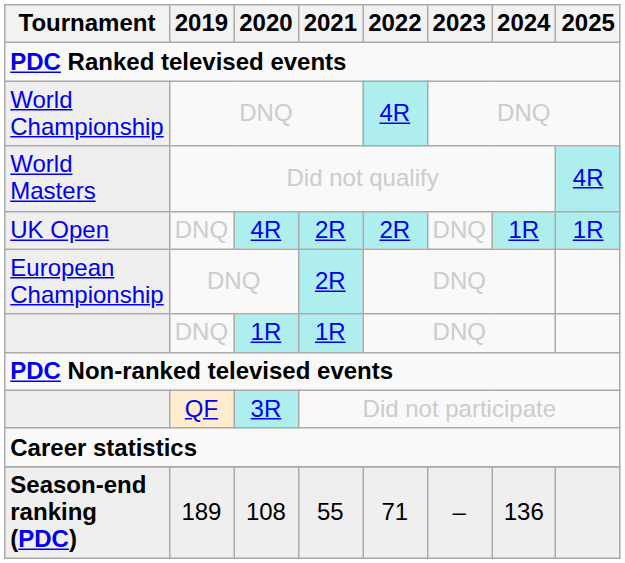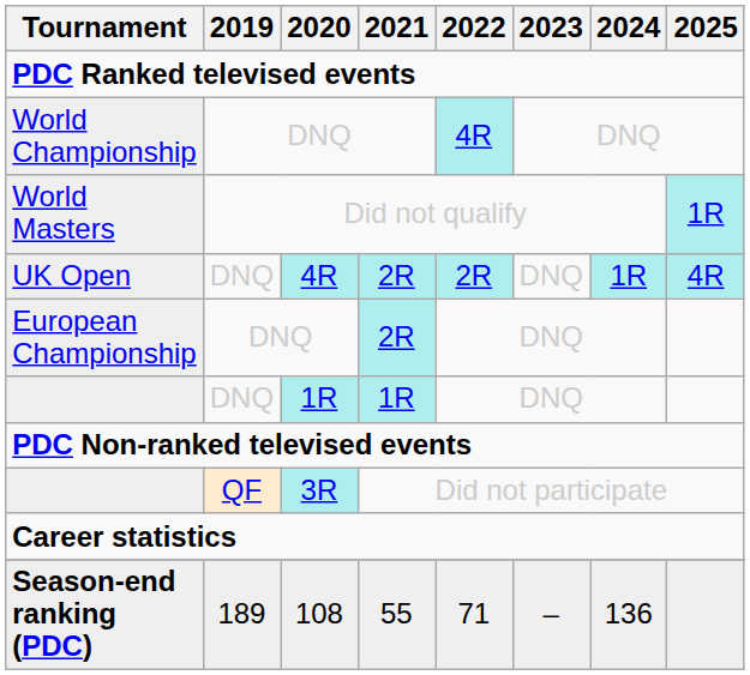 <table class="wikitable" style="width:20%; margin:0">
 <tr>
 <th>Tournament</th>
 <th>2019</th>
 <th>2020</th>
 <th>2021</th>
 <th>2022</th>
 <th>2023</th>
 <th>2024</th>
 <th>2025</th>
 </tr>
 <tr>
 <td colspan="10" align="left"><strong><a href='#'>PDC</a> Ranked televised events</strong></td>
 </tr>
 <tr>
 <td style="background:#efefef;"><a href='#'>World Championship</a></td>
 <td colspan="3" style="text-align:center; color:#ccc;">DNQ</td>
 <td style="text-align:center; background:#afeeee;"><a href='#'>4R</a></td>
 <td colspan="3" style="text-align:center; color:#ccc;">DNQ</td>
 </tr>
 <tr>
 <td style="background:#efefef;"><a href='#'>World Masters</a></td>
 <td colspan="6" style="text-align:center; color:#ccc;">Did not qualify</td>
-<td style="text-align:center; background:#afeeee;"><a href='#'>4R</a></td>
+<td style="text-align:center; background:#afeeee;"><a href='#'>1R</a></td>
 </tr>
 <tr>
 <td style="background:#efefef;"><a href='#'>UK Open</a></td>
 <td style="text-align:center; color:#ccc;">DNQ</td>
 <td style="text-align:center; background:#afeeee;"><a href='#'>4R</a></td>
 <td style="text-align:center; background:#afeeee;"><a href='#'>2R</a></td>
 <td style="text-align:center; background:#afeeee;"><a href='#'>2R</a></td>
 <td style="text-align:center; color:#ccc;">DNQ</td>
 <td style="text-align:center; background:#afeeee;"><a href='#'>1R</a></td>
-<td style="text-align:center; background:#afeeee;"><a href='#'>1R</a></td>
+<td style="text-align:center; background:#afeeee;"><a href='#'>4R</a></td>
 </tr>
 <tr>
 <td style="background:#efefef;"><a href='#'>European Championship</a></td>
 <td colspan="2" style="text-align:center; color:#ccc;">DNQ</td>
 <td style="text-align:center; background:#afeeee;"><a href='#'>2R</a></td>
 <td colspan="3" style="text-align:center; color:#ccc;">DNQ</td>
 <td></td>
 </tr>
 <tr>
 <td style="background:#efefef;"></td>
 <td style="text-align:center; color:#ccc;">DNQ</td>
 <td style="text-align:center; background:#afeeee;"><a href='#'>1R</a></td>
 <td style="text-align:center; background:#afeeee;"><a href='#'>1R</a></td>
 <td colspan="3" style="text-align:center; color:#ccc;">DNQ</td>
 <td></td>
 </tr>
 <tr>
 <td colspan="10" align="left"><strong><a href='#'>PDC</a> Non-ranked televised events</strong></td>
 </tr>
 <tr>
 <td style="background:#efefef;"></td>
 <td style="text-align:center; background:#ffebcd;"><a href='#'>QF</a></td>
 <td style="text-align:center; background:#afeeee;"><a href='#'>3R</a></td>
 <td colspan="5" style="text-align:center; color:#ccc;">Did not participate</td>
 </tr>
 <tr>
 <td colspan="10" align="left"><strong>Career statistics</strong></td>
 </tr>
 <tr>
 </tr>
 <tr bgcolor="efefef">
 <td align="left"><strong>Season-end ranking (<a href='#'>PDC</a>)</strong></td>
 <td style="text-align:center;">189</td>
 <td style="text-align:center;">108</td>
 <td style="text-align:center;">55</td>
 <td style="text-align:center;">71</td>
 <td style="text-align:center;">–</td>
 <td style="text-align:center;">136</td>
 <td></td>
 </tr>
 </table>
